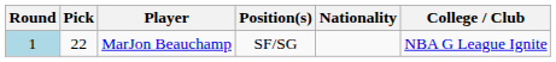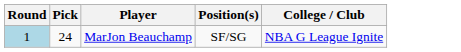 <table class="wikitable sortable sortable">
 <tr>
 <th>Round</th>
 <th>Pick</th>
 <th>Player</th>
 <th>Position(s)</th>
-<th>Nationality</th>
 <th>College / Club</th>
 </tr>
 <tr style="text-align: center">
 <td style="background: lightblue;">1</td>
-<td>22</td>
+<td>24</td>
 <td><a href='#'>MarJon Beauchamp</a></td>
 <td>SF/SG</td>
-<td></td>
 <td><a href='#'>NBA G League Ignite</a></td>
 </tr>
 </table>
